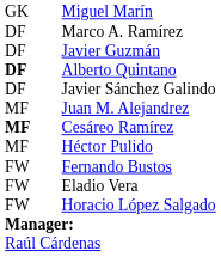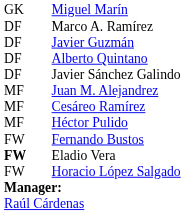 <table cellspacing="0" cellpadding="0" style="font-size:90%; margin:0.2em auto;">
 <tr>
 <th width="25"></th>
 <th width="25"></th>
 </tr>
 <tr>
 <td>GK</td>
 <td></td>
 <td> <a href='#'>Miguel Marín</a></td>
 </tr>
 <tr>
 <td>DF</td>
 <td></td>
 <td> Marco A. Ramírez</td>
 </tr>
 <tr>
 <td>DF</td>
 <td></td>
 <td> <a href='#'>Javier Guzmán</a></td>
 </tr>
 <tr>
-<td><strong>DF</strong></td>
+<td>DF</td>
 <td></td>
 <td> <a href='#'>Alberto Quintano</a></td>
 </tr>
 <tr>
 <td>DF</td>
 <td></td>
 <td> Javier Sánchez Galindo</td>
 </tr>
 <tr>
 <td>MF</td>
 <td></td>
 <td> <a href='#'>Juan M. Alejandrez</a></td>
 </tr>
 <tr>
-<td><strong>MF</strong></td>
+<td>MF</td>
 <td></td>
 <td> <a href='#'>Cesáreo Ramírez</a></td>
 </tr>
 <tr>
 <td>MF</td>
 <td></td>
 <td> <a href='#'>Héctor Pulido</a></td>
 </tr>
 <tr>
 <td>FW</td>
 <td></td>
 <td> <a href='#'>Fernando Bustos</a></td>
 </tr>
 <tr>
-<td>FW</td>
+<td><strong>FW</strong></td>
 <td></td>
 <td> Eladio Vera</td>
 </tr>
 <tr>
 <td>FW</td>
 <td></td>
 <td> <a href='#'>Horacio López Salgado</a></td>
 </tr>
 <tr>
 <td colspan=3><strong>Manager:</strong></td>
 </tr>
 <tr>
 <td colspan=4> <a href='#'>Raúl Cárdenas</a></td>
 </tr>
 </table>
